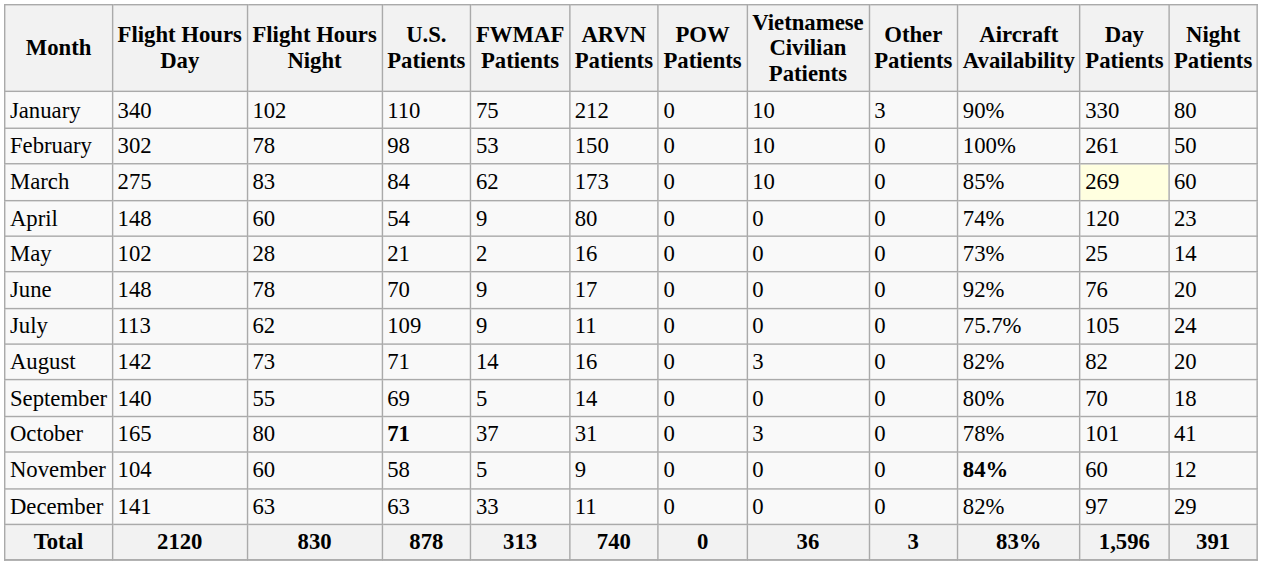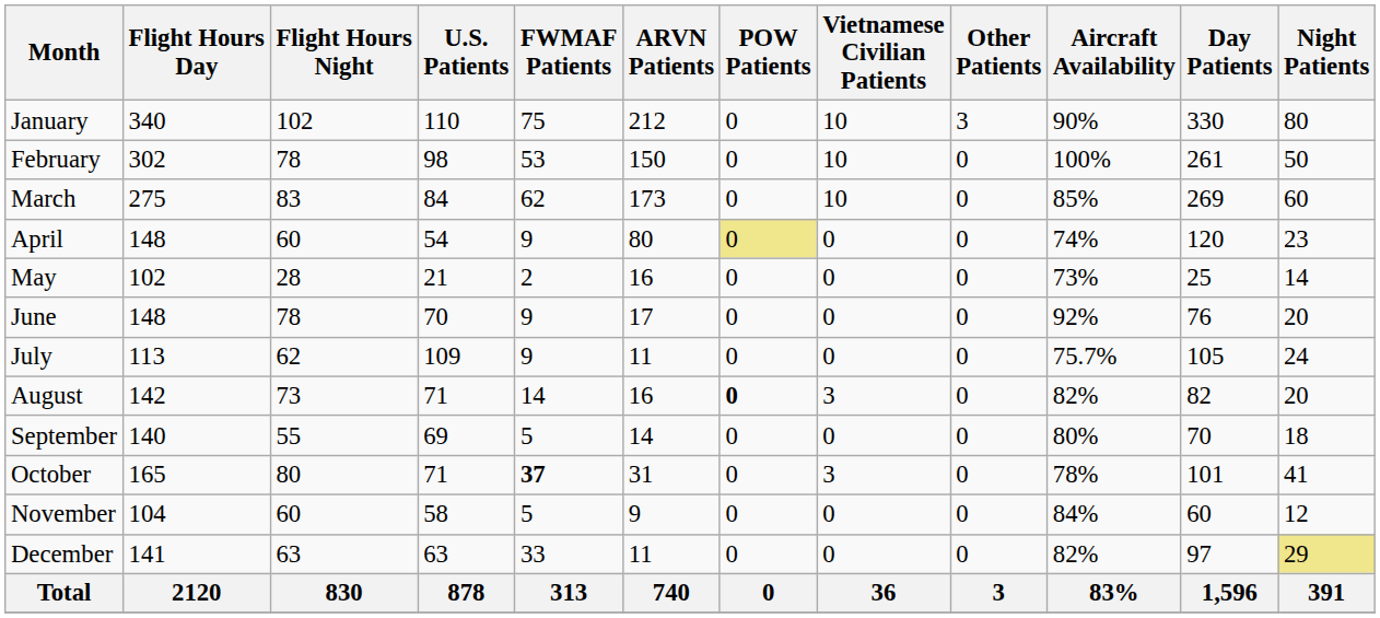 <table class="wikitable">
 <tr>
 <th>Month</th>
 <th>Flight Hours<br>Day</th>
 <th>Flight Hours<br>Night</th>
 <th>U.S.<br>Patients</th>
 <th>FWMAF<br>Patients</th>
 <th>ARVN<br>Patients</th>
 <th>POW<br>Patients</th>
 <th>Vietnamese<br>Civilian<br>Patients</th>
 <th>Other<br>Patients</th>
 <th>Aircraft<br>Availability</th>
 <th>Day<br>Patients</th>
 <th>Night<br>Patients</th>
 </tr>
 <tr>
 <td>January</td>
 <td>340</td>
 <td>102</td>
 <td>110</td>
 <td>75</td>
 <td>212</td>
 <td>0</td>
 <td>10</td>
 <td>3</td>
 <td>90%</td>
 <td>330</td>
 <td>80</td>
 </tr>
 <tr>
 <td>February</td>
 <td>302</td>
 <td>78</td>
 <td>98</td>
 <td>53</td>
 <td>150</td>
 <td>0</td>
 <td>10</td>
 <td>0</td>
 <td>100%</td>
 <td>261</td>
 <td>50</td>
 </tr>
 <tr>
 <td>March</td>
 <td>275</td>
 <td>83</td>
 <td>84</td>
 <td>62</td>
 <td>173</td>
 <td>0</td>
 <td>10</td>
 <td>0</td>
 <td>85%</td>
-<td style="background: lightyellow;">269</td>
+<td>269</td>
 <td>60</td>
 </tr>
 <tr>
 <td>April</td>
 <td>148</td>
 <td>60</td>
 <td>54</td>
 <td>9</td>
 <td>80</td>
-<td>0</td>
+<td style="background: khaki;">0</td>
 <td>0</td>
 <td>0</td>
 <td>74%</td>
 <td>120</td>
 <td>23</td>
 </tr>
 <tr>
 <td>May</td>
 <td>102</td>
 <td>28</td>
 <td>21</td>
 <td>2</td>
 <td>16</td>
 <td>0</td>
 <td>0</td>
 <td>0</td>
 <td>73%</td>
 <td>25</td>
 <td>14</td>
 </tr>
 <tr>
 <td>June</td>
 <td>148</td>
 <td>78</td>
 <td>70</td>
 <td>9</td>
 <td>17</td>
 <td>0</td>
 <td>0</td>
 <td>0</td>
 <td>92%</td>
 <td>76</td>
 <td>20</td>
 </tr>
 <tr>
 <td>July</td>
 <td>113</td>
 <td>62</td>
 <td>109</td>
 <td>9</td>
 <td>11</td>
 <td>0</td>
 <td>0</td>
 <td>0</td>
 <td>75.7%</td>
 <td>105</td>
 <td>24</td>
 </tr>
 <tr>
 <td>August</td>
 <td>142</td>
 <td>73</td>
 <td>71</td>
 <td>14</td>
 <td>16</td>
-<td>0</td>
+<td><strong>0</strong></td>
 <td>3</td>
 <td>0</td>
 <td>82%</td>
 <td>82</td>
 <td>20</td>
 </tr>
 <tr>
 <td>September</td>
 <td>140</td>
 <td>55</td>
 <td>69</td>
 <td>5</td>
 <td>14</td>
 <td>0</td>
 <td>0</td>
 <td>0</td>
 <td>80%</td>
 <td>70</td>
 <td>18</td>
 </tr>
 <tr>
 <td>October</td>
 <td>165</td>
 <td>80</td>
-<td><strong>71</strong></td>
-<td>37</td>
+<td>71</td>
+<td><strong>37</strong></td>
 <td>31</td>
 <td>0</td>
 <td>3</td>
 <td>0</td>
 <td>78%</td>
 <td>101</td>
 <td>41</td>
 </tr>
 <tr>
 <td>November</td>
 <td>104</td>
 <td>60</td>
 <td>58</td>
 <td>5</td>
 <td>9</td>
 <td>0</td>
 <td>0</td>
 <td>0</td>
-<td><strong>84%</strong></td>
+<td>84%</td>
 <td>60</td>
 <td>12</td>
 </tr>
 <tr>
 <td>December</td>
 <td>141</td>
 <td>63</td>
 <td>63</td>
 <td>33</td>
 <td>11</td>
 <td>0</td>
 <td>0</td>
 <td>0</td>
 <td>82%</td>
 <td>97</td>
-<td>29</td>
+<td style="background: khaki;">29</td>
 </tr>
 <tr>
 <th>Total</th>
 <th>2120</th>
 <th>830</th>
 <th>878</th>
 <th>313</th>
 <th>740</th>
 <th>0</th>
 <th>36</th>
 <th>3</th>
 <th>83%</th>
 <th>1,596</th>
 <th>391</th>
 </tr>
 <tr>
 </tr>
 </table>
